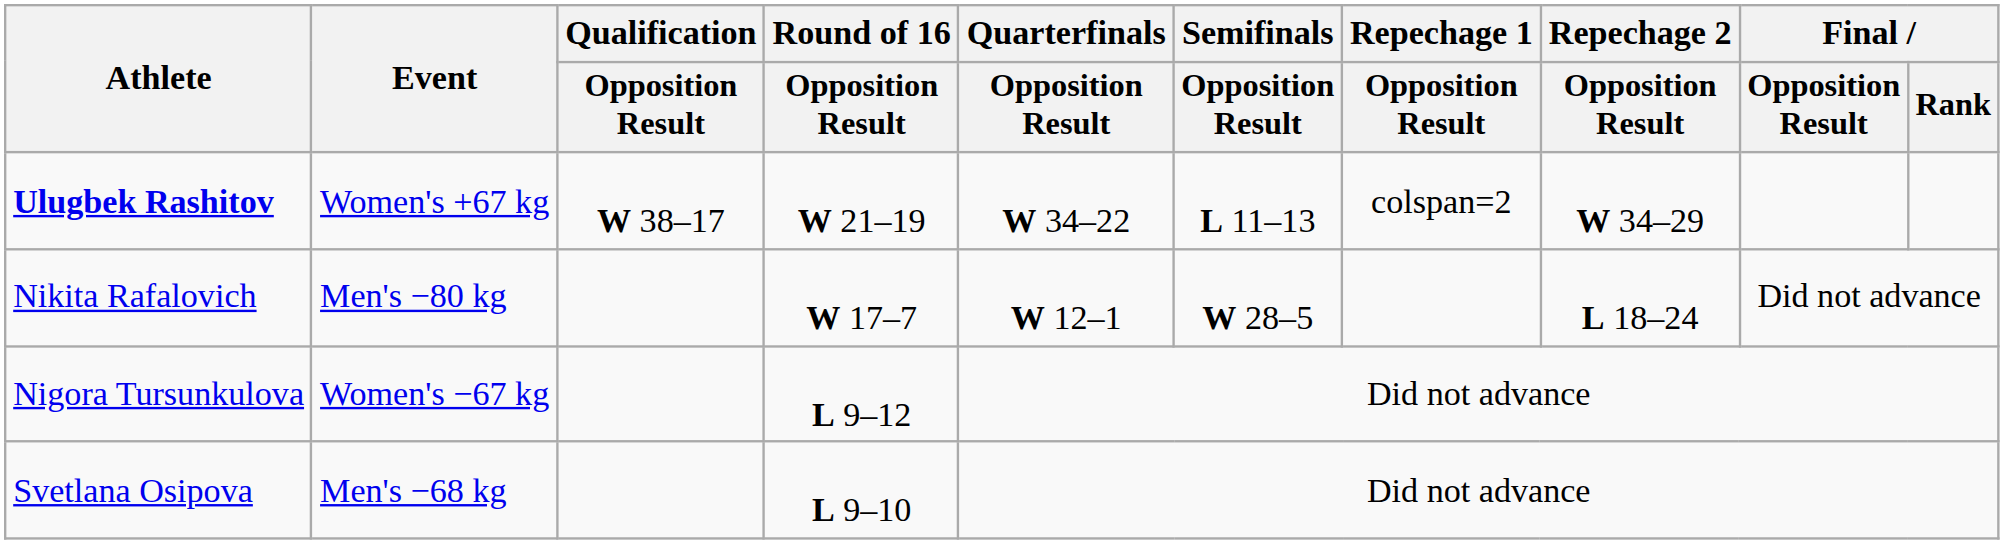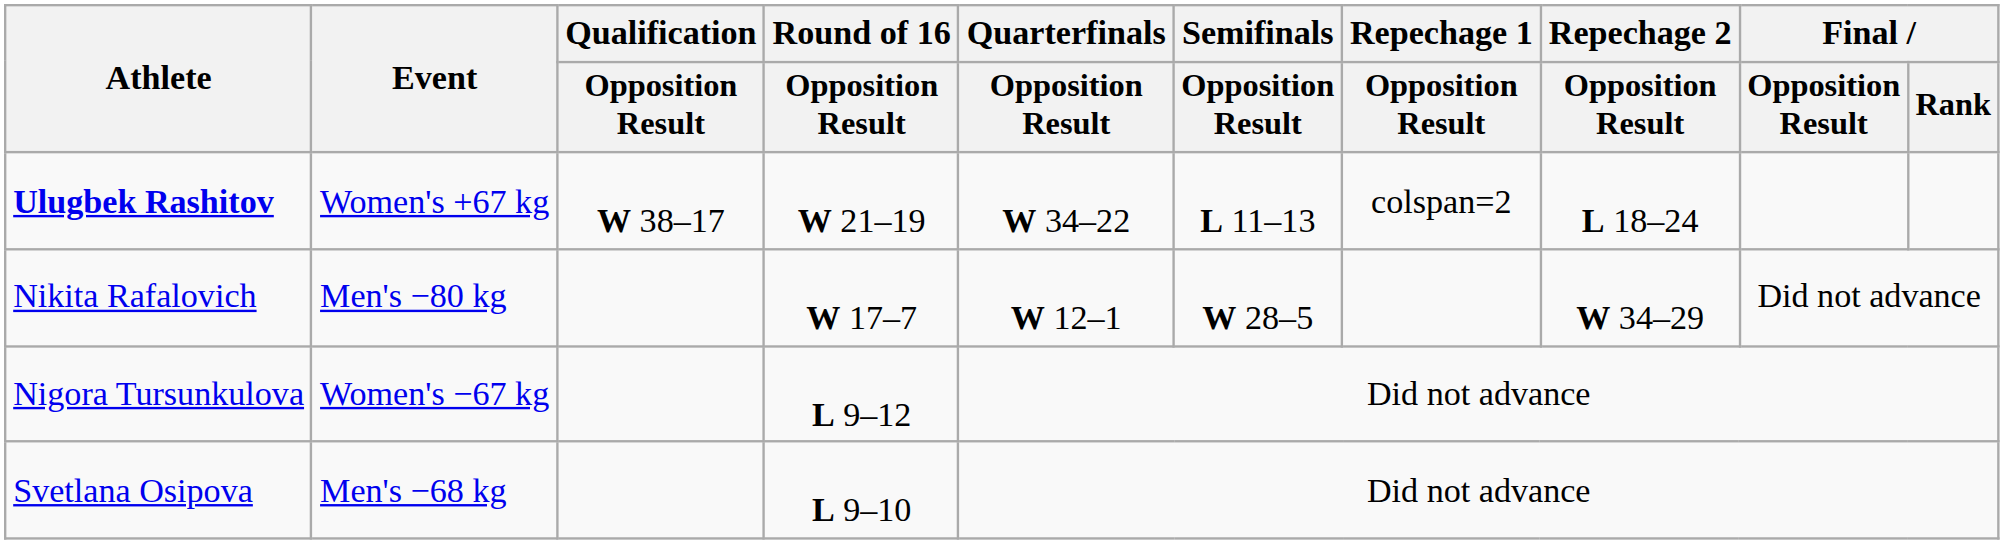 <table class="wikitable" style="font-size:90%;">
 <tr>
 <th rowspan=2>Athlete</th>
 <th rowspan=2>Event</th>
 <th>Qualification</th>
 <th>Round of 16</th>
 <th>Quarterfinals</th>
 <th>Semifinals</th>
 <th>Repechage 1</th>
 <th>Repechage 2</th>
 <th colspan=2>Final / </th>
 </tr>
 <tr style="font-size:95%">
 <th>Opposition<br>Result</th>
 <th>Opposition<br>Result</th>
 <th>Opposition<br>Result</th>
 <th>Opposition<br>Result</th>
 <th>Opposition<br>Result</th>
 <th>Opposition<br>Result</th>
 <th>Opposition<br>Result</th>
 <th>Rank</th>
 </tr>
 <tr align=center>
 <td align=left><strong><a href='#'>Ulugbek Rashitov</a></strong></td>
 <td align=left><a href='#'>Women's +67 kg</a></td>
 <td><br><strong>W</strong> 38–17 </td>
 <td><br><strong>W</strong> 21–19</td>
 <td><br><strong>W</strong> 34–22</td>
 <td><br><strong>L</strong> 11–13</td>
 <td>colspan=2 </td>
-<td><br><strong>W</strong> 34–29</td>
+<td><br><strong>L</strong> 18–24</td>
 <td></td>
 </tr>
 <tr align=center>
 <td align=left><a href='#'>Nikita Rafalovich</a></td>
 <td align=left><a href='#'>Men's −80 kg</a></td>
 <td></td>
 <td><br><strong>W</strong> 17–7</td>
 <td><br><strong>W</strong> 12–1</td>
 <td><br><strong>W</strong> 28–5 </td>
 <td></td>
-<td><br><strong>L</strong> 18–24</td>
+<td><br><strong>W</strong> 34–29</td>
 <td colspan="2">Did not advance</td>
 </tr>
 <tr align=center>
 <td align=left><a href='#'>Nigora Tursunkulova</a></td>
 <td align=left><a href='#'>Women's −67 kg</a></td>
 <td></td>
 <td><br><strong>L</strong> 9–12</td>
 <td colspan=6>Did not advance</td>
 </tr>
 <tr align=center>
 <td align=left><a href='#'>Svetlana Osipova</a></td>
 <td align=left><a href='#'>Men's −68 kg</a></td>
 <td></td>
 <td><br><strong>L</strong> 9–10</td>
 <td colspan=6>Did not advance</td>
 </tr>
 </table>
